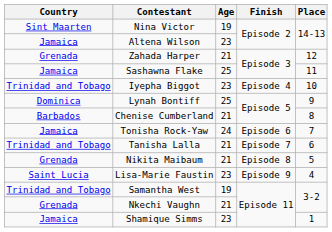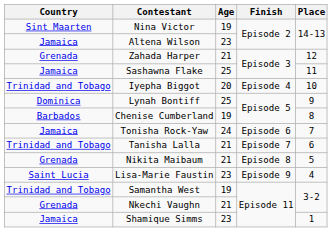 <table class="wikitable sortable" style="text-align:center;">
 <tr>
 <th>Country</th>
 <th>Contestant</th>
 <th>Age</th>
 <th>Finish</th>
 <th>Place</th>
 </tr>
 <tr>
 <td><a href='#'>Sint Maarten</a></td>
 <td>Nina Victor</td>
 <td>19</td>
 <td rowspan=2>Episode 2</td>
 <td rowspan=2>14-13</td>
 </tr>
 <tr>
 <td><a href='#'>Jamaica</a></td>
 <td>Altena Wilson</td>
 <td>23</td>
 </tr>
 <tr>
 <td><a href='#'>Grenada</a></td>
 <td>Zahada Harper</td>
 <td>21</td>
 <td rowspan=2>Episode 3</td>
 <td>12</td>
 </tr>
 <tr>
 <td><a href='#'>Jamaica</a></td>
 <td>Sashawna Flake</td>
 <td>25</td>
 <td>11</td>
 </tr>
 <tr>
 <td><a href='#'>Trinidad and Tobago</a></td>
 <td>Iyepha Biggot</td>
-<td>23</td>
+<td>20</td>
 <td>Episode 4</td>
 <td>10</td>
 </tr>
 <tr>
 <td><a href='#'>Dominica</a></td>
 <td>Lynah Bontiff</td>
 <td>25</td>
 <td rowspan=2>Episode 5</td>
 <td>9</td>
 </tr>
 <tr>
 <td><a href='#'>Barbados</a></td>
 <td>Chenise Cumberland</td>
-<td>21</td>
+<td>19</td>
 <td>8</td>
 </tr>
 <tr>
 <td><a href='#'>Jamaica</a></td>
 <td>Tonisha Rock-Yaw</td>
 <td>24</td>
 <td>Episode 6</td>
 <td>7</td>
 </tr>
 <tr>
 <td><a href='#'>Trinidad and Tobago</a></td>
 <td>Tanisha Lalla</td>
 <td>21</td>
 <td>Episode 7</td>
 <td>6</td>
 </tr>
 <tr>
 <td><a href='#'>Grenada</a></td>
 <td>Nikita Maibaum</td>
 <td>21</td>
 <td>Episode 8</td>
 <td>5</td>
 </tr>
 <tr>
 <td><a href='#'>Saint Lucia</a></td>
 <td>Lisa-Marie Faustin</td>
 <td>23</td>
 <td>Episode 9</td>
 <td>4</td>
 </tr>
 <tr>
 <td><a href='#'>Trinidad and Tobago</a></td>
 <td>Samantha West</td>
 <td>19</td>
 <td rowspan="3">Episode 11</td>
 <td rowspan="2">3-2</td>
 </tr>
 <tr>
 <td><a href='#'>Grenada</a></td>
 <td>Nkechi Vaughn</td>
 <td>21</td>
 </tr>
 <tr>
 <td><a href='#'>Jamaica</a></td>
 <td>Shamique Simms</td>
 <td>23</td>
 <td>1</td>
 </tr>
 </table>
